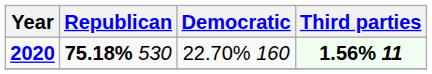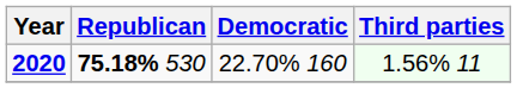 <table class="wikitable" style="float:right; font-size:95%;">
 <tr bgcolor=lightgrey>
 <th>Year</th>
 <th><a href='#'>Republican</a></th>
 <th><a href='#'>Democratic</a></th>
 <th><a href='#'>Third parties</a></th>
 </tr>
 <tr>
 <td style="text-align:center;" ><strong><a href='#'>2020</a></strong></td>
 <td style="text-align:center;" ><strong>75.18%</strong> <em>530</em></td>
 <td style="text-align:center;" >22.70% <em>160</em></td>
-<td style="text-align:center; background:honeyDew;"><strong>1.56% <em>11</em></strong></td>
+<td style="text-align:center; background:honeyDew;">1.56% <em>11</em></td>
 </tr>
 <tr>
 </tr>
 </table>
